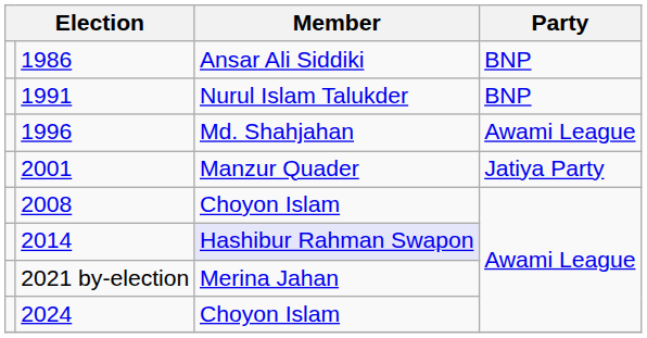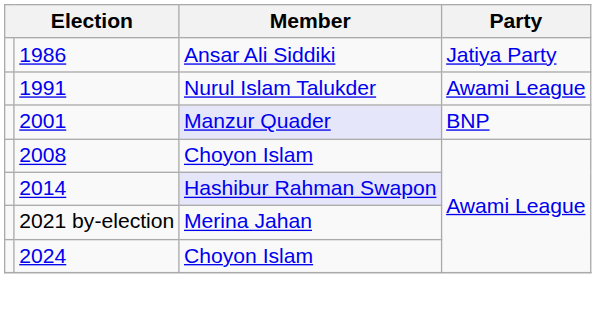 <table class="wikitable">
 <tr>
 <th colspan="2">Election</th>
 <th>Member</th>
 <th>Party</th>
 </tr>
 <tr>
 <td style="background-color:"></td>
 <td><a href='#'>1986</a></td>
 <td><a href='#'>Ansar Ali Siddiki</a></td>
-<td><a href='#'>BNP</a></td>
+<td><a href='#'>Jatiya Party</a></td>
 </tr>
 <tr>
 <td style="background-color:"></td>
 <td><a href='#'>1991</a></td>
 <td><a href='#'>Nurul Islam Talukder</a></td>
-<td><a href='#'>BNP</a></td>
-</tr>
-<tr>
-<td style="background-color:"></td>
-<td><a href='#'>1996</a></td>
-<td><a href='#'>Md. Shahjahan</a></td>
 <td><a href='#'>Awami League</a></td>
 </tr>
 <tr>
 <td style="background-color:"></td>
 <td><a href='#'>2001</a></td>
-<td><a href='#'>Manzur Quader</a></td>
-<td><a href='#'>Jatiya Party</a></td>
+<td style="background: lavender;"><a href='#'>Manzur Quader</a></td>
+<td><a href='#'>BNP</a></td>
 </tr>
 <tr>
 <td style="background-color:"></td>
 <td><a href='#'>2008</a></td>
 <td><a href='#'>Choyon Islam</a></td>
 <td rowspan="4"><a href='#'>Awami League</a></td>
 </tr>
 <tr>
 <td style="background-color:"></td>
 <td><a href='#'>2014</a></td>
 <td style="background: lavender;"><a href='#'>Hashibur Rahman Swapon</a></td>
 </tr>
 <tr>
 <td style="background-color:"></td>
 <td>2021 by-election</td>
 <td><a href='#'>Merina Jahan</a></td>
 </tr>
 <tr>
 <td style="background-color:"></td>
 <td><a href='#'>2024</a></td>
 <td><a href='#'>Choyon Islam</a></td>
 </tr>
 <tr>
 </tr>
 </table>
